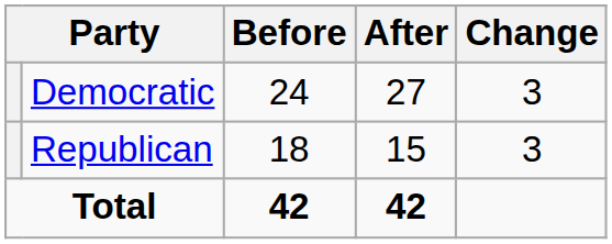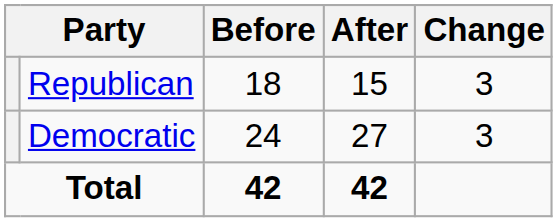 <table class="wikitable" style="text-align:center;">
 <tr>
 <th colspan="2">Party</th>
 <th>Before</th>
 <th>After</th>
 <th>Change</th>
 </tr>
 <tr>
 <th style="background-color:"></th>
-<td style="text-align:left;"><a href='#'>Democratic</a></td>
-<td>24</td>
-<td>27</td>
+<td style="text-align:left;"><a href='#'>Republican</a></td>
+<td>18</td>
+<td>15</td>
 <td> 3</td>
 </tr>
 <tr>
 <th style="background-color:"></th>
-<td style="text-align:left;"><a href='#'>Republican</a></td>
-<td>18</td>
-<td>15</td>
+<td style="text-align:left;"><a href='#'>Democratic</a></td>
+<td>24</td>
+<td>27</td>
 <td> 3</td>
 </tr>
 <tr>
 <td colspan="2"><strong>Total</strong></td>
 <td><strong>42</strong></td>
 <td><strong>42</strong></td>
 <td></td>
 </tr>
 </table>
